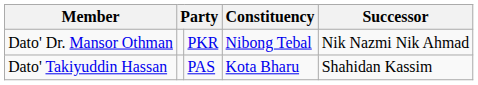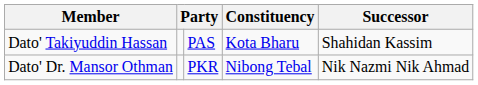 <table class="sortable wikitable">
 <tr>
 <th valign="top">Member</th>
 <th colspan="2" valign="top">Party</th>
 <th valign="top">Constituency</th>
 <th class="unsortable" valign="top">Successor</th>
 </tr>
 <tr>
+<td>Dato' <a href='#'>Takiyuddin Hassan</a> </td>
+<td></td>
+<td><a href='#'>PAS</a></td>
+<td><a href='#'>Kota Bharu</a></td>
+<td>Shahidan Kassim</td>
+</tr>
+<tr>
 <td>Dato' Dr. <a href='#'>Mansor Othman</a> </td>
 <td></td>
 <td><a href='#'>PKR</a></td>
 <td><a href='#'>Nibong Tebal</a></td>
 <td>Nik Nazmi Nik Ahmad</td>
 </tr>
-<tr>
-<td>Dato' <a href='#'>Takiyuddin Hassan</a> </td>
-<td></td>
-<td><a href='#'>PAS</a></td>
-<td><a href='#'>Kota Bharu</a></td>
-<td>Shahidan Kassim</td>
-</tr>
 </table>
